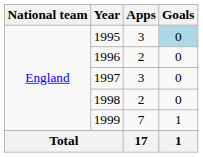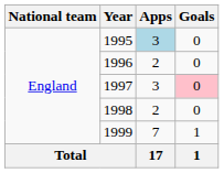 <table class="wikitable" style="text-align:center">
 <tr>
 <th>National team</th>
 <th>Year</th>
 <th>Apps</th>
 <th>Goals</th>
 </tr>
 <tr>
 <td rowspan="5"><a href='#'>England</a></td>
 <td>1995</td>
-<td>3</td>
-<td style="background: lightblue;">0</td>
+<td style="background: lightblue;">3</td>
+<td>0</td>
 </tr>
 <tr>
 <td>1996</td>
 <td>2</td>
 <td>0</td>
 </tr>
 <tr>
 <td>1997</td>
 <td>3</td>
-<td>0</td>
+<td style="background: pink;">0</td>
 </tr>
 <tr>
 <td>1998</td>
 <td>2</td>
 <td>0</td>
 </tr>
 <tr>
 <td>1999</td>
 <td>7</td>
 <td>1</td>
 </tr>
 <tr>
 <th colspan="2">Total</th>
 <th>17</th>
 <th>1</th>
 </tr>
 </table>
